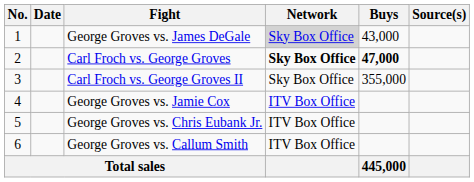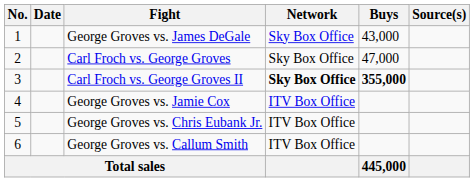 <table class="wikitable sortable">
 <tr>
 <th>No.</th>
 <th>Date</th>
 <th>Fight</th>
 <th>Network</th>
 <th>Buys</th>
 <th class="unsortable">Source(s)</th>
 </tr>
 <tr>
 <td align=center>1</td>
 <td></td>
 <td>George Groves vs. <a href='#'>James DeGale</a></td>
-<td style="background: lightgrey;"><a href='#'>Sky Box Office</a></td>
+<td><a href='#'>Sky Box Office</a></td>
 <td>43,000</td>
 <td></td>
 </tr>
 <tr>
 <td align=center>2</td>
 <td></td>
 <td><a href='#'>Carl Froch vs. George Groves</a></td>
-<td><strong>Sky Box Office</strong></td>
-<td><strong>47,000</strong></td>
+<td>Sky Box Office</td>
+<td>47,000</td>
 <td></td>
 </tr>
 <tr>
 <td align=center>3</td>
 <td></td>
 <td><a href='#'>Carl Froch vs. George Groves II</a></td>
-<td>Sky Box Office</td>
-<td>355,000</td>
+<td><strong>Sky Box Office</strong></td>
+<td><strong>355,000</strong></td>
 <td></td>
 </tr>
 <tr>
 <td align=center>4</td>
 <td></td>
 <td>George Groves vs. <a href='#'>Jamie Cox</a></td>
 <td><a href='#'>ITV Box Office</a></td>
 <td></td>
 <td></td>
 </tr>
 <tr>
 <td align=center>5</td>
 <td></td>
 <td>George Groves vs. <a href='#'>Chris Eubank Jr.</a></td>
 <td>ITV Box Office</td>
 <td></td>
 <td></td>
 </tr>
 <tr>
 <td align=center>6</td>
 <td></td>
 <td>George Groves vs. <a href='#'>Callum Smith</a></td>
 <td>ITV Box Office</td>
 <td></td>
 <td></td>
 </tr>
 <tr>
 <th colspan="3">Total sales</th>
 <th></th>
 <th>445,000</th>
 <th></th>
 </tr>
 </table>
